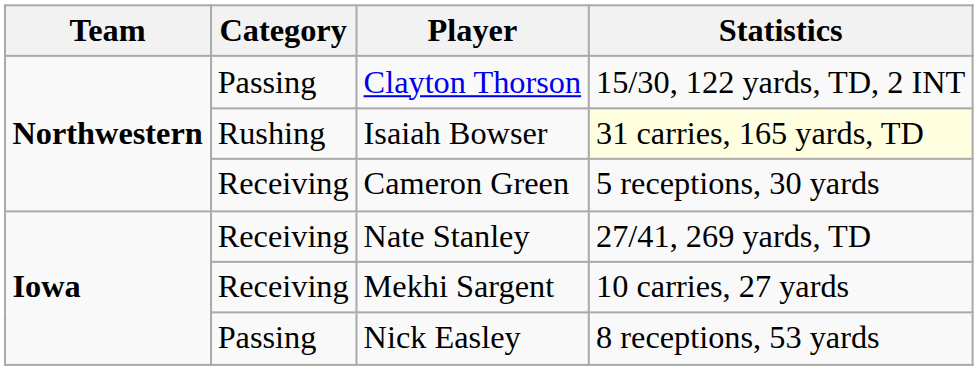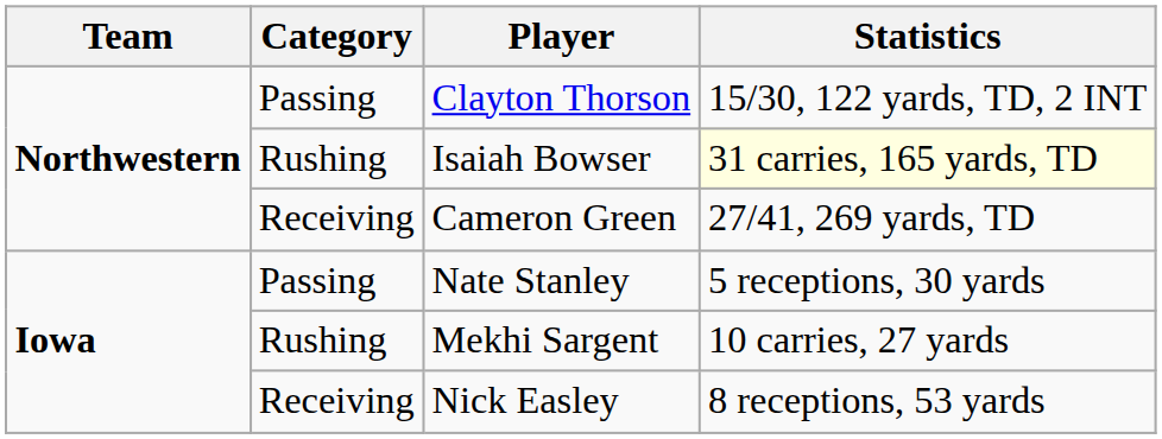 <table class="wikitable" style="float: left;">
 <tr>
 <th>Team</th>
 <th>Category</th>
 <th>Player</th>
 <th>Statistics</th>
 </tr>
 <tr>
 <td rowspan=3><strong>Northwestern</strong></td>
 <td>Passing</td>
 <td><a href='#'>Clayton Thorson</a></td>
 <td>15/30, 122 yards, TD, 2 INT</td>
 </tr>
 <tr>
 <td>Rushing</td>
 <td>Isaiah Bowser</td>
 <td style="background: lightyellow;">31 carries, 165 yards, TD</td>
 </tr>
 <tr>
 <td>Receiving</td>
 <td>Cameron Green</td>
+<td>27/41, 269 yards, TD</td>
+</tr>
+<tr>
+<td rowspan=3><strong>Iowa</strong></td>
+<td>Passing</td>
+<td>Nate Stanley</td>
 <td>5 receptions, 30 yards</td>
 </tr>
 <tr>
-<td rowspan=3><strong>Iowa</strong></td>
-<td>Receiving</td>
-<td>Nate Stanley</td>
-<td>27/41, 269 yards, TD</td>
-</tr>
-<tr>
-<td>Receiving</td>
+<td>Rushing</td>
 <td>Mekhi Sargent</td>
 <td>10 carries, 27 yards</td>
 </tr>
 <tr>
-<td>Passing</td>
+<td>Receiving</td>
 <td>Nick Easley</td>
 <td>8 receptions, 53 yards</td>
 </tr>
 </table>
